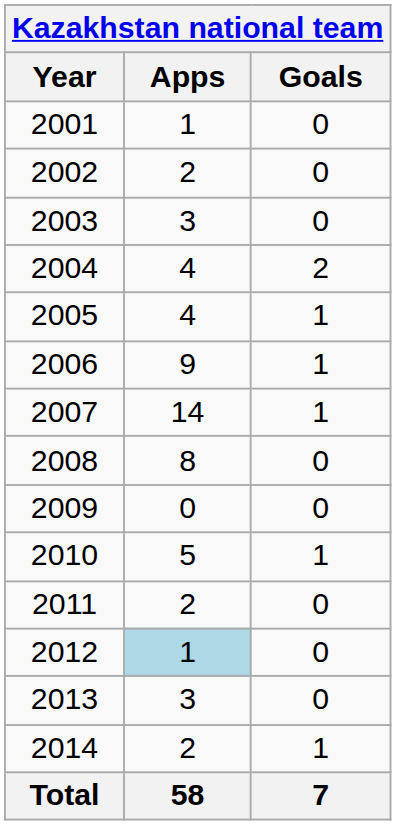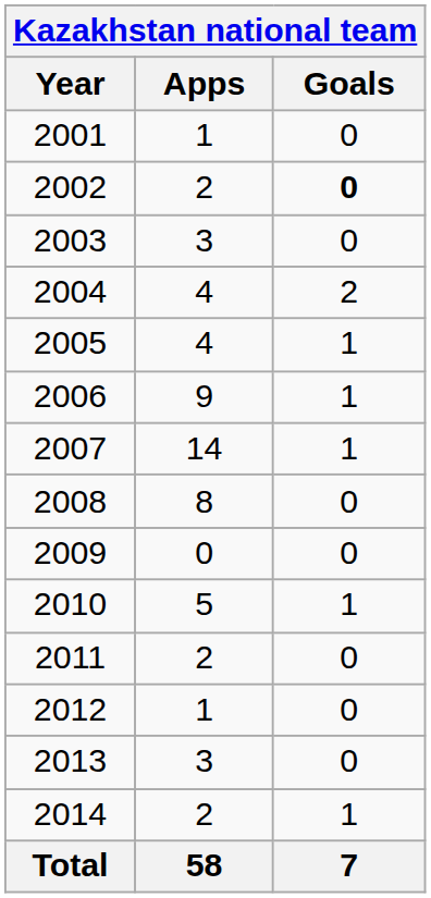 <table class="wikitable" style="text-align:center">
 <tr>
 <th colspan=3><a href='#'>Kazakhstan national team</a></th>
 </tr>
 <tr>
 <th>Year</th>
 <th>Apps</th>
 <th>Goals</th>
 </tr>
 <tr>
 <td>2001</td>
 <td>1</td>
 <td>0</td>
 </tr>
 <tr>
 <td>2002</td>
 <td>2</td>
-<td>0</td>
+<td><strong>0</strong></td>
 </tr>
 <tr>
 <td>2003</td>
 <td>3</td>
 <td>0</td>
 </tr>
 <tr>
 <td>2004</td>
 <td>4</td>
 <td>2</td>
 </tr>
 <tr>
 <td>2005</td>
 <td>4</td>
 <td>1</td>
 </tr>
 <tr>
 <td>2006</td>
 <td>9</td>
 <td>1</td>
 </tr>
 <tr>
 <td>2007</td>
 <td>14</td>
 <td>1</td>
 </tr>
 <tr>
 <td>2008</td>
 <td>8</td>
 <td>0</td>
 </tr>
 <tr>
 <td>2009</td>
 <td>0</td>
 <td>0</td>
 </tr>
 <tr>
 <td>2010</td>
 <td>5</td>
 <td>1</td>
 </tr>
 <tr>
 <td>2011</td>
 <td>2</td>
 <td>0</td>
 </tr>
 <tr>
 <td>2012</td>
-<td style="background: lightblue;">1</td>
+<td>1</td>
 <td>0</td>
 </tr>
 <tr>
 <td>2013</td>
 <td>3</td>
 <td>0</td>
 </tr>
 <tr>
 <td>2014</td>
 <td>2</td>
 <td>1</td>
 </tr>
 <tr>
 <th>Total</th>
 <th>58</th>
 <th>7</th>
 </tr>
 </table>
